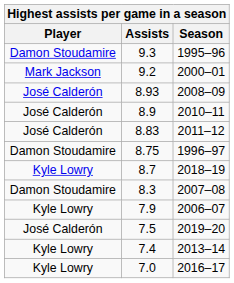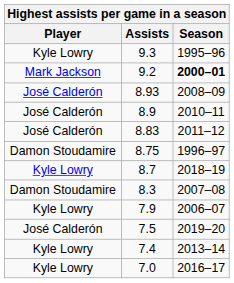 <table class="wikitable sortable" style="text-align:center">
 <tr>
 <th colspan="3">Highest assists per game in a season</th>
 </tr>
 <tr>
 <th>Player</th>
 <th>Assists</th>
 <th>Season</th>
 </tr>
 <tr>
-<td><a href='#'>Damon Stoudamire</a></td>
+<td>Kyle Lowry</td>
 <td>9.3</td>
 <td>1995–96</td>
 </tr>
 <tr>
 <td><a href='#'>Mark Jackson</a></td>
 <td>9.2</td>
-<td>2000–01</td>
+<td><strong>2000–01</strong></td>
 </tr>
 <tr>
 <td><a href='#'>José Calderón</a></td>
 <td>8.93</td>
 <td>2008–09</td>
 </tr>
 <tr>
 <td>José Calderón</td>
 <td>8.9</td>
 <td>2010–11</td>
 </tr>
 <tr>
 <td>José Calderón</td>
 <td>8.83</td>
 <td>2011–12</td>
 </tr>
 <tr>
 <td>Damon Stoudamire</td>
 <td>8.75</td>
 <td>1996–97</td>
 </tr>
 <tr>
 <td><a href='#'>Kyle Lowry</a></td>
 <td>8.7</td>
 <td>2018–19</td>
 </tr>
 <tr>
 <td>Damon Stoudamire</td>
 <td>8.3</td>
 <td>2007–08</td>
 </tr>
 <tr>
 <td>Kyle Lowry</td>
 <td>7.9</td>
 <td>2006–07</td>
 </tr>
 <tr>
 <td>José Calderón</td>
 <td>7.5</td>
 <td>2019–20</td>
 </tr>
 <tr>
 <td>Kyle Lowry</td>
 <td>7.4</td>
 <td>2013–14</td>
 </tr>
 <tr>
 <td>Kyle Lowry</td>
 <td>7.0</td>
 <td>2016–17</td>
 </tr>
 </table>
